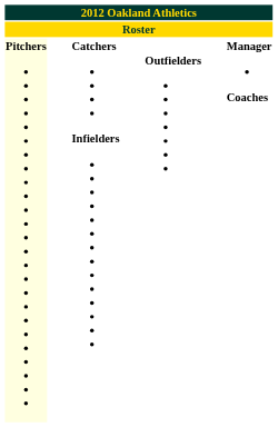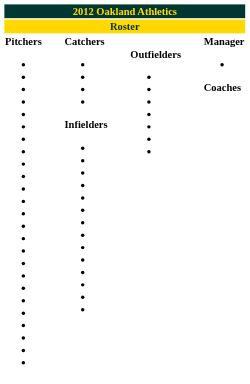 <table class="toccolours" style="font-size: 95%;">
 <tr>
 <th colspan="10" style="background:#003831; color:#ffd800; text-align:center;">2012 Oakland Athletics</th>
 </tr>
 <tr>
 <td colspan="10" style="background:#ffd800; color:#003831; text-align:center;"><strong>Roster</strong></td>
 </tr>
 <tr>
-<td valign="top" style="background: lightyellow;"><strong>Pitchers</strong><br><ul><li></li><li></li><li></li><li></li><li></li><li></li><li></li><li></li><li></li><li></li><li></li><li></li><li></li><li></li><li></li><li></li><li></li><li></li><li></li><li></li><li></li><li></li><li></li><li></li><li></li></ul></td>
+<td valign="top"><strong>Pitchers</strong><br><ul><li></li><li></li><li></li><li></li><li></li><li></li><li></li><li></li><li></li><li></li><li></li><li></li><li></li><li></li><li></li><li></li><li></li><li></li><li></li><li></li><li></li><li></li><li></li><li></li><li></li></ul></td>
 <td style="width:25px;"></td>
 <td valign="top"><strong>Catchers</strong><br><ul><li></li><li></li><li></li><li></li></ul><strong>Infielders</strong><ul><li></li><li></li><li></li><li></li><li></li><li></li><li></li><li></li><li></li><li></li><li></li><li></li><li></li><li></li></ul></td>
 <td style="width:25px;"></td>
 <td valign="top"><br><strong>Outfielders</strong><ul><li></li><li></li><li></li><li></li><li></li><li></li><li></li></ul></td>
 <td style="width:25px;"></td>
 <td valign="top"><strong>Manager</strong><br><ul><li></li></ul><strong>Coaches</strong>              </td>
 </tr>
 </table>
